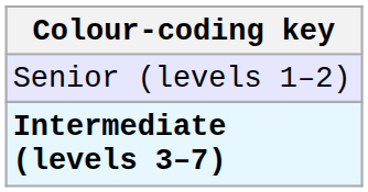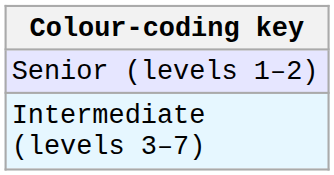 <table class="wikitable sortable" style="text-align:center; margin-left:1em; float:right;">
 <tr>
 <th width=150>Colour-coding key</th>
 </tr>
 <tr>
 <td align="left" style="background:#e6e6ff;">Senior (levels 1–2)</td>
 </tr>
 <tr>
-<td align="left" style="background:#e6f7ff;"><strong>Intermediate (levels 3–7)</strong></td>
+<td align="left" style="background:#e6f7ff;">Intermediate (levels 3–7)</td>
 </tr>
 </table>
